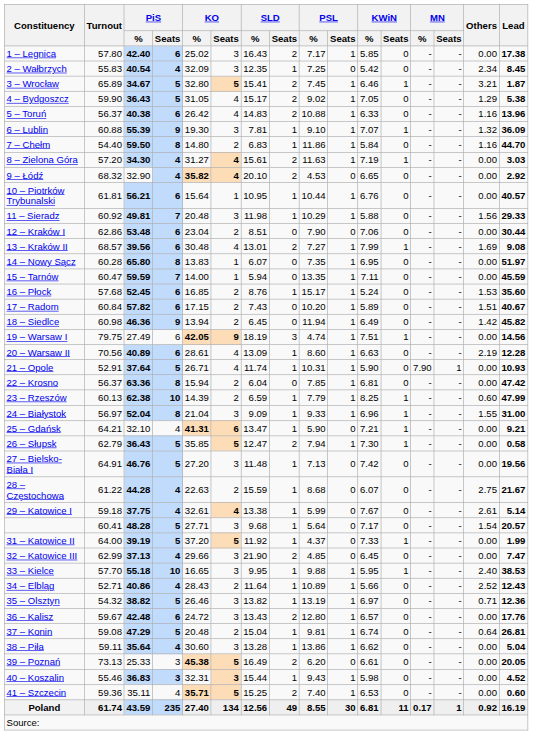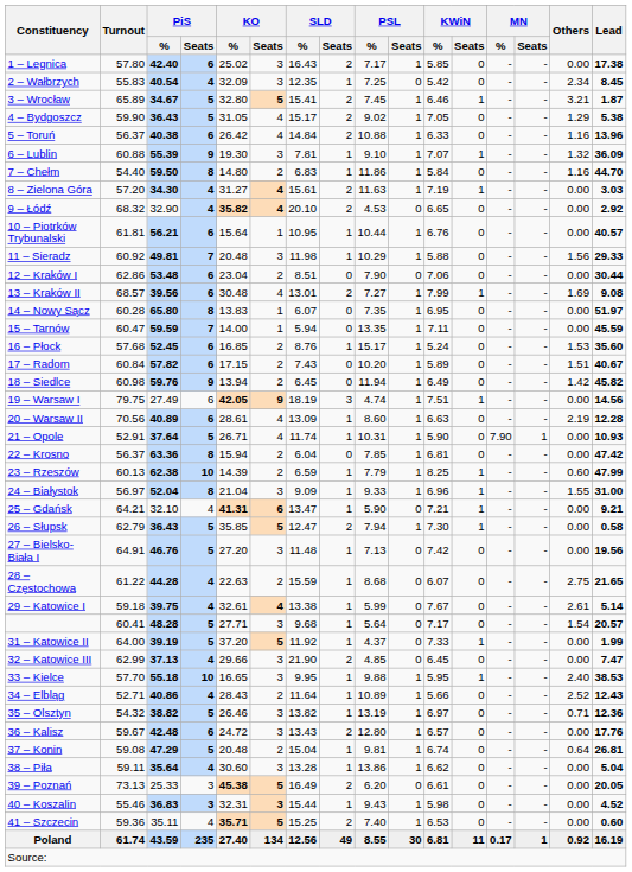 <table class="wikitable sortable" style="text-align:right; font-size:95%">
 <tr style="height:42px; text-align:center; background-color:#E9E9E9;">
 <th rowspan="2" style="width:120px;">Constituency</th>
 <th rowspan="2" data-sort-type="number" style="width:30px;">Turnout</th>
 <th colspan="2" data-sort-type="number" style="width:40px;"><a href='#'><span>PiS</span></a></th>
 <th colspan="2" data-sort-type="number" style="width:40px;"><a href='#'><span>KO</span></a></th>
 <th colspan="2" data-sort-type="number" style="width:40px;"><a href='#'><span>SLD</span></a></th>
 <th colspan="2" data-sort-type="number" style="width:40px;"><a href='#'><span>PSL</span></a></th>
 <th colspan="2" data-sort-type="number" style="width:40px;"><a href='#'><span>KWiN</span></a></th>
 <th colspan="2" data-sort-type="number" style="width:40px;"><a href='#'><span>MN</span></a></th>
 <th rowspan="2" data-sort-type="number" style="width:40px;">Others</th>
 <th rowspan="2" data-sort-type="number" style="width:30px;">Lead</th>
 </tr>
 <tr>
 <th>%</th>
 <th>Seats</th>
 <th>%</th>
 <th>Seats</th>
 <th>%</th>
 <th>Seats</th>
 <th>%</th>
 <th>Seats</th>
 <th>%</th>
 <th>Seats</th>
 <th>%</th>
 <th>Seats</th>
 </tr>
 <tr>
 <td align="left"><a href='#'>1 – Legnica</a></td>
 <td>57.80</td>
 <td style="font-weight:bold; background:#C0DBFC">42.40</td>
 <td style="font-weight:bold; background:#C0DBFC">6</td>
 <td>25.02</td>
 <td>3</td>
 <td>16.43</td>
 <td>2</td>
 <td>7.17</td>
 <td>1</td>
 <td>5.85</td>
 <td>0</td>
 <td>-</td>
 <td>-</td>
 <td>0.00</td>
 <td style="background:"><strong>17.38</strong></td>
 </tr>
 <tr>
 <td align="left"><a href='#'>2 – Wałbrzych</a></td>
 <td>55.83</td>
 <td style="font-weight:bold; background:#C0DBFC">40.54</td>
 <td style="font-weight:bold; background:#C0DBFC">4</td>
 <td>32.09</td>
 <td>3</td>
 <td>12.35</td>
 <td>1</td>
 <td>7.25</td>
 <td>0</td>
 <td>5.42</td>
 <td>0</td>
 <td>-</td>
 <td>-</td>
 <td>2.34</td>
 <td style="background:"><strong>8.45</strong></td>
 </tr>
 <tr>
 <td align="left"><a href='#'>3 – Wrocław</a></td>
 <td>65.89</td>
 <td style="font-weight:bold; background:#C0DBFC">34.67</td>
 <td style="font-weight:bold; background:#C0DBFC">5</td>
 <td>32.80</td>
 <td style="font-weight:bold; background:#FDDCB8">5</td>
 <td>15.41</td>
 <td>2</td>
 <td>7.45</td>
 <td>1</td>
 <td>6.46</td>
 <td>1</td>
 <td>-</td>
 <td>-</td>
 <td>3.21</td>
 <td style="background:"><strong>1.87</strong></td>
 </tr>
 <tr>
 <td align="left"><a href='#'>4 – Bydgoszcz</a></td>
 <td>59.90</td>
 <td style="font-weight:bold; background:#C0DBFC">36.43</td>
 <td style="font-weight:bold; background:#C0DBFC">5</td>
 <td>31.05</td>
 <td>4</td>
 <td>15.17</td>
 <td>2</td>
 <td>9.02</td>
 <td>1</td>
 <td>7.05</td>
 <td>0</td>
 <td>-</td>
 <td>-</td>
 <td>1.29</td>
 <td style="background:"><strong>5.38</strong></td>
 </tr>
 <tr>
 <td align="left"><a href='#'>5 – Toruń</a></td>
 <td>56.37</td>
 <td style="font-weight:bold; background:#C0DBFC">40.38</td>
 <td style="font-weight:bold; background:#C0DBFC">6</td>
 <td>26.42</td>
 <td>4</td>
-<td>14.83</td>
+<td>14.84</td>
 <td>2</td>
 <td>10.88</td>
 <td>1</td>
 <td>6.33</td>
 <td>0</td>
 <td>-</td>
 <td>-</td>
 <td>1.16</td>
 <td style="background:"><strong>13.96</strong></td>
 </tr>
 <tr>
 <td align="left"><a href='#'>6 – Lublin</a></td>
 <td>60.88</td>
 <td style="font-weight:bold; background:#C0DBFC">55.39</td>
 <td style="font-weight:bold; background:#C0DBFC">9</td>
 <td>19.30</td>
 <td>3</td>
 <td>7.81</td>
 <td>1</td>
 <td>9.10</td>
 <td>1</td>
 <td>7.07</td>
 <td>1</td>
 <td>-</td>
 <td>-</td>
 <td>1.32</td>
 <td style="background:"><strong>36.09</strong></td>
 </tr>
 <tr>
 <td align="left"><a href='#'>7 – Chełm</a></td>
 <td>54.40</td>
 <td style="font-weight:bold; background:#C0DBFC">59.50</td>
 <td style="font-weight:bold; background:#C0DBFC">8</td>
 <td>14.80</td>
 <td>2</td>
 <td>6.83</td>
 <td>1</td>
 <td>11.86</td>
 <td>1</td>
 <td>5.84</td>
 <td>0</td>
 <td>-</td>
 <td>-</td>
 <td>1.16</td>
 <td style="background:"><strong>44.70</strong></td>
 </tr>
 <tr>
 <td align="left"><a href='#'>8 – Zielona Góra</a></td>
 <td>57.20</td>
 <td style="font-weight:bold; background:#C0DBFC">34.30</td>
 <td style="font-weight:bold; background:#C0DBFC">4</td>
 <td>31.27</td>
 <td style="font-weight:bold; background:#FDDCB8">4</td>
 <td>15.61</td>
 <td>2</td>
 <td>11.63</td>
 <td>1</td>
 <td>7.19</td>
 <td>1</td>
 <td>-</td>
 <td>-</td>
 <td>0.00</td>
 <td style="background:"><strong>3.03</strong></td>
 </tr>
 <tr>
 <td align="left"><a href='#'>9 – Łódź</a></td>
 <td>68.32</td>
 <td>32.90</td>
 <td style="font-weight:bold; background:#C0DBFC">4</td>
 <td style="font-weight:bold; background:#FDDCB8">35.82</td>
 <td style="font-weight:bold; background:#FDDCB8">4</td>
 <td>20.10</td>
 <td>2</td>
 <td>4.53</td>
 <td>0</td>
 <td>6.65</td>
 <td>0</td>
 <td>-</td>
 <td>-</td>
 <td>0.00</td>
 <td style="background:"><strong>2.92</strong></td>
 </tr>
 <tr>
 <td align="left"><a href='#'>10 – Piotrków Trybunalski</a></td>
 <td>61.81</td>
 <td style="font-weight:bold; background:#C0DBFC">56.21</td>
 <td style="font-weight:bold; background:#C0DBFC">6</td>
 <td>15.64</td>
 <td>1</td>
 <td>10.95</td>
 <td>1</td>
 <td>10.44</td>
 <td>1</td>
 <td>6.76</td>
 <td>0</td>
 <td>-</td>
 <td>-</td>
 <td>0.00</td>
 <td style="background:"><strong>40.57</strong></td>
 </tr>
 <tr>
 <td align="left"><a href='#'>11 – Sieradz</a></td>
 <td>60.92</td>
 <td style="font-weight:bold; background:#C0DBFC">49.81</td>
 <td style="font-weight:bold; background:#C0DBFC">7</td>
 <td>20.48</td>
 <td>3</td>
 <td>11.98</td>
 <td>1</td>
 <td>10.29</td>
 <td>1</td>
 <td>5.88</td>
 <td>0</td>
 <td>-</td>
 <td>-</td>
 <td>1.56</td>
 <td style="background:"><strong>29.33</strong></td>
 </tr>
 <tr>
 <td align="left"><a href='#'>12 – Kraków I</a></td>
 <td>62.86</td>
 <td style="font-weight:bold; background:#C0DBFC">53.48</td>
 <td style="font-weight:bold; background:#C0DBFC">6</td>
 <td>23.04</td>
 <td>2</td>
 <td>8.51</td>
 <td>0</td>
 <td>7.90</td>
 <td>0</td>
 <td>7.06</td>
 <td>0</td>
 <td>-</td>
 <td>-</td>
 <td>0.00</td>
 <td style="background:"><strong>30.44</strong></td>
 </tr>
 <tr>
 <td align="left"><a href='#'>13 – Kraków II</a></td>
 <td>68.57</td>
 <td style="font-weight:bold; background:#C0DBFC">39.56</td>
 <td style="font-weight:bold; background:#C0DBFC">6</td>
 <td>30.48</td>
 <td>4</td>
 <td>13.01</td>
 <td>2</td>
 <td>7.27</td>
 <td>1</td>
 <td>7.99</td>
 <td>1</td>
 <td>-</td>
 <td>-</td>
 <td>1.69</td>
 <td style="background:"><strong>9.08</strong></td>
 </tr>
 <tr>
 <td align="left"><a href='#'>14 – Nowy Sącz</a></td>
 <td>60.28</td>
 <td style="font-weight:bold; background:#C0DBFC">65.80</td>
 <td style="font-weight:bold; background:#C0DBFC">8</td>
 <td>13.83</td>
 <td>1</td>
 <td>6.07</td>
 <td>0</td>
 <td>7.35</td>
 <td>1</td>
 <td>6.95</td>
 <td>0</td>
 <td>-</td>
 <td>-</td>
 <td>0.00</td>
 <td style="background:"><strong>51.97</strong></td>
 </tr>
 <tr>
 <td align="left"><a href='#'>15 – Tarnów</a></td>
 <td>60.47</td>
 <td style="font-weight:bold; background:#C0DBFC">59.59</td>
 <td style="font-weight:bold; background:#C0DBFC">7</td>
 <td>14.00</td>
 <td>1</td>
 <td>5.94</td>
 <td>0</td>
 <td>13.35</td>
 <td>1</td>
 <td>7.11</td>
 <td>0</td>
 <td>-</td>
 <td>-</td>
 <td>0.00</td>
 <td style="background:"><strong>45.59</strong></td>
 </tr>
 <tr>
 <td align="left"><a href='#'>16 – Płock</a></td>
 <td>57.68</td>
 <td style="font-weight:bold; background:#C0DBFC">52.45</td>
 <td style="font-weight:bold; background:#C0DBFC">6</td>
 <td>16.85</td>
 <td>2</td>
 <td>8.76</td>
 <td>1</td>
 <td>15.17</td>
 <td>1</td>
 <td>5.24</td>
 <td>0</td>
 <td>-</td>
 <td>-</td>
 <td>1.53</td>
 <td style="background:"><strong>35.60</strong></td>
 </tr>
 <tr>
 <td align="left"><a href='#'>17 – Radom</a></td>
 <td>60.84</td>
 <td style="font-weight:bold; background:#C0DBFC">57.82</td>
 <td style="font-weight:bold; background:#C0DBFC">6</td>
 <td>17.15</td>
 <td>2</td>
 <td>7.43</td>
 <td>0</td>
 <td>10.20</td>
 <td>1</td>
 <td>5.89</td>
 <td>0</td>
 <td>-</td>
 <td>-</td>
 <td>1.51</td>
 <td style="background:"><strong>40.67</strong></td>
 </tr>
 <tr>
 <td align="left"><a href='#'>18 – Siedlce</a></td>
 <td>60.98</td>
-<td style="font-weight:bold; background:#C0DBFC">46.36</td>
+<td style="font-weight:bold; background:#C0DBFC">59.76</td>
 <td style="font-weight:bold; background:#C0DBFC">9</td>
 <td>13.94</td>
 <td>2</td>
 <td>6.45</td>
 <td>0</td>
 <td>11.94</td>
 <td>1</td>
 <td>6.49</td>
 <td>0</td>
 <td>-</td>
 <td>-</td>
 <td>1.42</td>
 <td style="background:"><strong>45.82</strong></td>
 </tr>
 <tr>
 <td align="left"><a href='#'>19 – Warsaw I</a></td>
 <td>79.75</td>
 <td>27.49</td>
 <td>6</td>
 <td style="font-weight:bold; background:#FDDCB8">42.05</td>
 <td style="font-weight:bold; background:#FDDCB8">9</td>
 <td>18.19</td>
 <td>3</td>
 <td>4.74</td>
 <td>1</td>
 <td>7.51</td>
 <td>1</td>
 <td>-</td>
 <td>-</td>
 <td>0.00</td>
 <td style="background:"><strong>14.56</strong></td>
 </tr>
 <tr>
 <td align="left"><a href='#'>20 – Warsaw II</a></td>
 <td>70.56</td>
 <td style="font-weight:bold; background:#C0DBFC">40.89</td>
 <td style="font-weight:bold; background:#C0DBFC">6</td>
 <td>28.61</td>
 <td>4</td>
 <td>13.09</td>
 <td>1</td>
 <td>8.60</td>
 <td>1</td>
 <td>6.63</td>
 <td>0</td>
 <td>-</td>
 <td>-</td>
 <td>2.19</td>
 <td style="background:"><strong>12.28</strong></td>
 </tr>
 <tr>
 <td align="left"><a href='#'>21 – Opole</a></td>
 <td>52.91</td>
 <td style="font-weight:bold; background:#C0DBFC">37.64</td>
 <td style="font-weight:bold; background:#C0DBFC">5</td>
 <td>26.71</td>
 <td>4</td>
 <td>11.74</td>
 <td>1</td>
 <td>10.31</td>
 <td>1</td>
 <td>5.90</td>
 <td>0</td>
 <td>7.90</td>
 <td>1</td>
 <td>0.00</td>
 <td style="background:"><strong>10.93</strong></td>
 </tr>
 <tr>
 <td align="left"><a href='#'>22 – Krosno</a></td>
 <td>56.37</td>
 <td style="font-weight:bold; background:#C0DBFC">63.36</td>
 <td style="font-weight:bold; background:#C0DBFC">8</td>
 <td>15.94</td>
 <td>2</td>
 <td>6.04</td>
 <td>0</td>
 <td>7.85</td>
 <td>1</td>
 <td>6.81</td>
 <td>0</td>
 <td>-</td>
 <td>-</td>
 <td>0.00</td>
 <td style="background:"><strong>47.42</strong></td>
 </tr>
 <tr>
 <td align="left"><a href='#'>23 – Rzeszów</a></td>
 <td>60.13</td>
 <td style="font-weight:bold; background:#C0DBFC">62.38</td>
 <td style="font-weight:bold; background:#C0DBFC">10</td>
 <td>14.39</td>
 <td>2</td>
 <td>6.59</td>
 <td>1</td>
 <td>7.79</td>
 <td>1</td>
 <td>8.25</td>
 <td>1</td>
 <td>-</td>
 <td>-</td>
 <td>0.60</td>
 <td style="background:"><strong>47.99</strong></td>
 </tr>
 <tr>
 <td align="left"><a href='#'>24 – Białystok</a></td>
 <td>56.97</td>
 <td style="font-weight:bold; background:#C0DBFC">52.04</td>
 <td style="font-weight:bold; background:#C0DBFC">8</td>
 <td>21.04</td>
 <td>3</td>
 <td>9.09</td>
 <td>1</td>
 <td>9.33</td>
 <td>1</td>
 <td>6.96</td>
 <td>1</td>
 <td>-</td>
 <td>-</td>
 <td>1.55</td>
 <td style="background:"><strong>31.00</strong></td>
 </tr>
 <tr>
 <td align="left"><a href='#'>25 – Gdańsk</a></td>
 <td>64.21</td>
 <td>32.10</td>
 <td>4</td>
 <td style="font-weight:bold; background:#FDDCB8">41.31</td>
 <td style="font-weight:bold; background:#FDDCB8">6</td>
 <td>13.47</td>
 <td>1</td>
 <td>5.90</td>
 <td>0</td>
 <td>7.21</td>
 <td>1</td>
 <td>-</td>
 <td>-</td>
 <td>0.00</td>
 <td style="background:"><strong>9.21</strong></td>
 </tr>
 <tr>
 <td align="left"><a href='#'>26 – Słupsk</a></td>
 <td>62.79</td>
 <td style="font-weight:bold; background:#C0DBFC">36.43</td>
 <td style="font-weight:bold; background:#C0DBFC">5</td>
 <td>35.85</td>
 <td style="font-weight:bold; background:#FDDCB8">5</td>
 <td>12.47</td>
 <td>2</td>
 <td>7.94</td>
 <td>1</td>
 <td>7.30</td>
 <td>1</td>
 <td>-</td>
 <td>-</td>
 <td>0.00</td>
 <td style="background:"><strong>0.58</strong></td>
 </tr>
 <tr>
 <td align="left"><a href='#'>27 – Bielsko-Biała I</a></td>
 <td>64.91</td>
 <td style="font-weight:bold; background:#C0DBFC">46.76</td>
 <td style="font-weight:bold; background:#C0DBFC">5</td>
 <td>27.20</td>
 <td>3</td>
 <td>11.48</td>
 <td>1</td>
 <td>7.13</td>
 <td>0</td>
 <td>7.42</td>
 <td>0</td>
 <td>-</td>
 <td>-</td>
 <td>0.00</td>
 <td style="background:"><strong>19.56</strong></td>
 </tr>
 <tr>
 <td align="left"><a href='#'>28 – Częstochowa</a></td>
 <td>61.22</td>
 <td style="font-weight:bold; background:#C0DBFC">44.28</td>
 <td style="font-weight:bold; background:#C0DBFC">4</td>
 <td>22.63</td>
 <td>2</td>
 <td>15.59</td>
 <td>1</td>
 <td>8.68</td>
 <td>0</td>
 <td>6.07</td>
 <td>0</td>
 <td>-</td>
 <td>-</td>
 <td>2.75</td>
-<td style="background:"><strong>21.67</strong></td>
+<td style="background:"><strong>21.65</strong></td>
 </tr>
 <tr>
 <td align="left"><a href='#'>29 – Katowice I</a></td>
 <td>59.18</td>
-<td style="font-weight:bold; background:#C0DBFC">37.75</td>
+<td style="font-weight:bold; background:#C0DBFC">39.75</td>
 <td style="font-weight:bold; background:#C0DBFC">4</td>
 <td>32.61</td>
 <td style="font-weight:bold; background:#FDDCB8">4</td>
 <td>13.38</td>
 <td>1</td>
 <td>5.99</td>
 <td>0</td>
 <td>7.67</td>
 <td>0</td>
 <td>-</td>
 <td>-</td>
 <td>2.61</td>
 <td style="background:"><strong>5.14</strong></td>
 </tr>
 <tr>
 <td align="left"></td>
 <td>60.41</td>
 <td style="font-weight:bold; background:#C0DBFC">48.28</td>
 <td style="font-weight:bold; background:#C0DBFC">5</td>
 <td>27.71</td>
 <td>3</td>
 <td>9.68</td>
 <td>1</td>
 <td>5.64</td>
 <td>0</td>
 <td>7.17</td>
 <td>0</td>
 <td>-</td>
 <td>-</td>
 <td>1.54</td>
 <td style="background:"><strong>20.57</strong></td>
 </tr>
 <tr>
 <td align="left"><a href='#'>31 – Katowice II</a></td>
 <td>64.00</td>
 <td style="font-weight:bold; background:#C0DBFC">39.19</td>
 <td style="font-weight:bold; background:#C0DBFC">5</td>
 <td>37.20</td>
 <td style="font-weight:bold; background:#FDDCB8">5</td>
 <td>11.92</td>
 <td>1</td>
 <td>4.37</td>
 <td>0</td>
 <td>7.33</td>
 <td>1</td>
 <td>-</td>
 <td>-</td>
 <td>0.00</td>
 <td style="background:"><strong>1.99</strong></td>
 </tr>
 <tr>
 <td align="left"><a href='#'>32 – Katowice III</a></td>
 <td>62.99</td>
 <td style="font-weight:bold; background:#C0DBFC">37.13</td>
 <td style="font-weight:bold; background:#C0DBFC">4</td>
 <td>29.66</td>
 <td>3</td>
 <td>21.90</td>
 <td>2</td>
 <td>4.85</td>
 <td>0</td>
 <td>6.45</td>
 <td>0</td>
 <td>-</td>
 <td>-</td>
 <td>0.00</td>
 <td style="background:"><strong>7.47</strong></td>
 </tr>
 <tr>
 <td align="left"><a href='#'>33 – Kielce</a></td>
 <td>57.70</td>
 <td style="font-weight:bold; background:#C0DBFC">55.18</td>
 <td style="font-weight:bold; background:#C0DBFC">10</td>
 <td>16.65</td>
 <td>3</td>
 <td>9.95</td>
 <td>1</td>
 <td>9.88</td>
 <td>1</td>
 <td>5.95</td>
 <td>1</td>
 <td>-</td>
 <td>-</td>
 <td>2.40</td>
 <td style="background:"><strong>38.53</strong></td>
 </tr>
 <tr>
 <td align="left"><a href='#'>34 – Elbląg</a></td>
 <td>52.71</td>
 <td style="font-weight:bold; background:#C0DBFC">40.86</td>
 <td style="font-weight:bold; background:#C0DBFC">4</td>
 <td>28.43</td>
 <td>2</td>
 <td>11.64</td>
 <td>1</td>
 <td>10.89</td>
 <td>1</td>
 <td>5.66</td>
 <td>0</td>
 <td>-</td>
 <td>-</td>
 <td>2.52</td>
 <td style="background:"><strong>12.43</strong></td>
 </tr>
 <tr>
 <td align="left"><a href='#'>35 – Olsztyn</a></td>
 <td>54.32</td>
 <td style="font-weight:bold; background:#C0DBFC">38.82</td>
 <td style="font-weight:bold; background:#C0DBFC">5</td>
 <td>26.46</td>
 <td>3</td>
 <td>13.82</td>
 <td>1</td>
 <td>13.19</td>
 <td>1</td>
 <td>6.97</td>
 <td>0</td>
 <td>-</td>
 <td>-</td>
 <td>0.71</td>
 <td style="background:"><strong>12.36</strong></td>
 </tr>
 <tr>
 <td align="left"><a href='#'>36 – Kalisz</a></td>
 <td>59.67</td>
 <td style="font-weight:bold; background:#C0DBFC">42.48</td>
 <td style="font-weight:bold; background:#C0DBFC">6</td>
 <td>24.72</td>
 <td>3</td>
 <td>13.43</td>
 <td>2</td>
 <td>12.80</td>
 <td>1</td>
 <td>6.57</td>
 <td>0</td>
 <td>-</td>
 <td>-</td>
 <td>0.00</td>
 <td style="background:"><strong>17.76</strong></td>
 </tr>
 <tr>
 <td align="left"><a href='#'>37 – Konin</a></td>
 <td>59.08</td>
 <td style="font-weight:bold; background:#C0DBFC">47.29</td>
 <td style="font-weight:bold; background:#C0DBFC">5</td>
 <td>20.48</td>
 <td>2</td>
 <td>15.04</td>
 <td>1</td>
 <td>9.81</td>
 <td>1</td>
 <td>6.74</td>
 <td>0</td>
 <td>-</td>
 <td>-</td>
 <td>0.64</td>
 <td style="background:"><strong>26.81</strong></td>
 </tr>
 <tr>
 <td align="left"><a href='#'>38 – Piła</a></td>
 <td>59.11</td>
 <td style="font-weight:bold; background:#C0DBFC">35.64</td>
 <td style="font-weight:bold; background:#C0DBFC">4</td>
 <td>30.60</td>
 <td>3</td>
 <td>13.28</td>
 <td>1</td>
 <td>13.86</td>
 <td>1</td>
 <td>6.62</td>
 <td>0</td>
 <td>-</td>
 <td>-</td>
 <td>0.00</td>
 <td style="background:"><strong>5.04</strong></td>
 </tr>
 <tr>
 <td align="left"><a href='#'>39 – Poznań</a></td>
 <td>73.13</td>
 <td>25.33</td>
 <td>3</td>
 <td style="font-weight:bold; background:#FDDCB8">45.38</td>
 <td style="font-weight:bold; background:#FDDCB8">5</td>
 <td>16.49</td>
 <td>2</td>
 <td>6.20</td>
 <td>0</td>
 <td>6.61</td>
 <td>0</td>
 <td>-</td>
 <td>-</td>
 <td>0.00</td>
 <td style="background:"><strong>20.05</strong></td>
 </tr>
 <tr>
 <td align="left"><a href='#'>40 – Koszalin</a></td>
 <td>55.46</td>
 <td style="font-weight:bold; background:#C0DBFC">36.83</td>
 <td style="font-weight:bold; background:#C0DBFC">3</td>
 <td>32.31</td>
 <td style="font-weight:bold; background:#FDDCB8">3</td>
 <td>15.44</td>
 <td>1</td>
 <td>9.43</td>
 <td>1</td>
 <td>5.98</td>
 <td>0</td>
 <td>-</td>
 <td>-</td>
 <td>0.00</td>
 <td style="background:"><strong>4.52</strong></td>
 </tr>
 <tr>
 <td align="left"><a href='#'>41 – Szczecin</a></td>
 <td>59.36</td>
 <td>35.11</td>
 <td>4</td>
 <td style="font-weight:bold; background:#FDDCB8">35.71</td>
 <td style="font-weight:bold; background:#FDDCB8">5</td>
 <td>15.25</td>
 <td>2</td>
 <td>7.40</td>
 <td>1</td>
 <td>6.53</td>
 <td>0</td>
 <td>-</td>
 <td>-</td>
 <td>0.00</td>
 <td style="background:"><strong>0.60</strong></td>
 </tr>
 <tr style="background:#EFEFEF; font-weight:bold;">
 <th align=center>Poland</th>
 <td>61.74</td>
 <td style="font-weight:bold; background:#C0DBFC">43.59</td>
 <td style="font-weight:bold; background:#C0DBFC">235</td>
 <td>27.40</td>
 <td>134</td>
 <td>12.56</td>
 <td>49</td>
 <td>8.55</td>
 <td>30</td>
 <td>6.81</td>
 <td>11</td>
 <td>0.17</td>
 <td>1</td>
 <td>0.92</td>
 <td style="background:">16.19</td>
 </tr>
 <tr>
 <td colspan="16"  align="left">Source: </td>
 </tr>
 </table>
